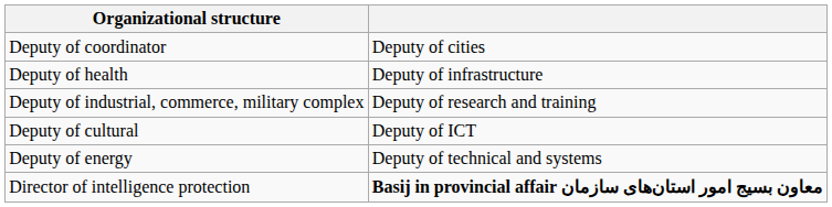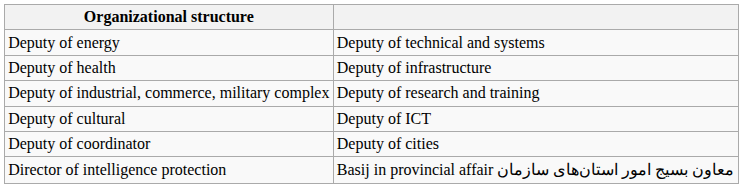 <table class="wikitable">
 <tr>
 <th>Organizational structure</th>
 <th></th>
 </tr>
 <tr>
-<td>Deputy of coordinator</td>
-<td>Deputy of cities</td>
+<td>Deputy of energy</td>
+<td>Deputy of technical and systems</td>
 </tr>
 <tr>
 <td>Deputy of health</td>
 <td>Deputy of infrastructure</td>
 </tr>
 <tr>
 <td>Deputy of industrial, commerce, military complex</td>
 <td>Deputy of research and training</td>
 </tr>
 <tr>
 <td>Deputy of cultural</td>
 <td>Deputy of ICT</td>
 </tr>
 <tr>
-<td>Deputy of energy</td>
-<td>Deputy of technical and systems</td>
+<td>Deputy of coordinator</td>
+<td>Deputy of cities</td>
 </tr>
 <tr>
 <td>Director of intelligence protection</td>
-<td><strong>Basij in provincial affair معاون بسیج امور استان‌های سازمان</strong></td>
+<td>Basij in provincial affair معاون بسیج امور استان‌های سازمان</td>
 </tr>
 </table>
